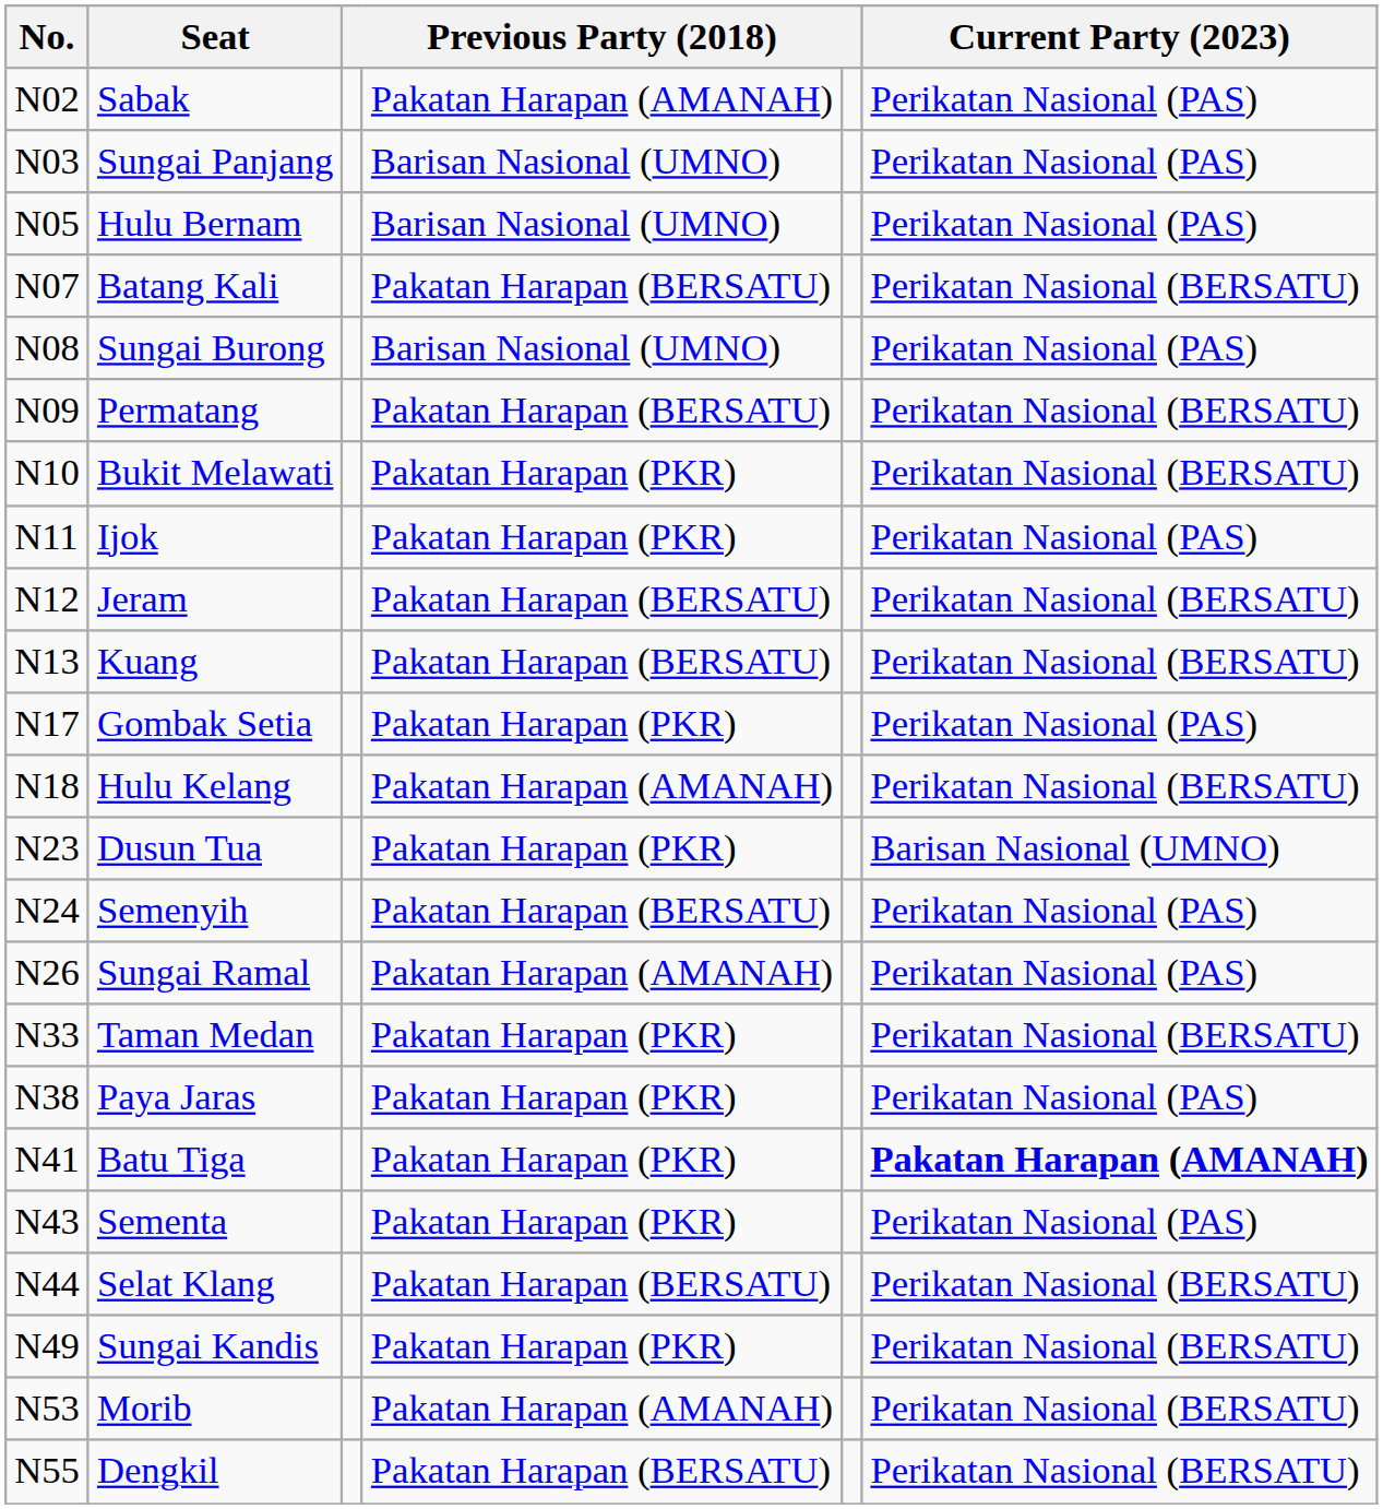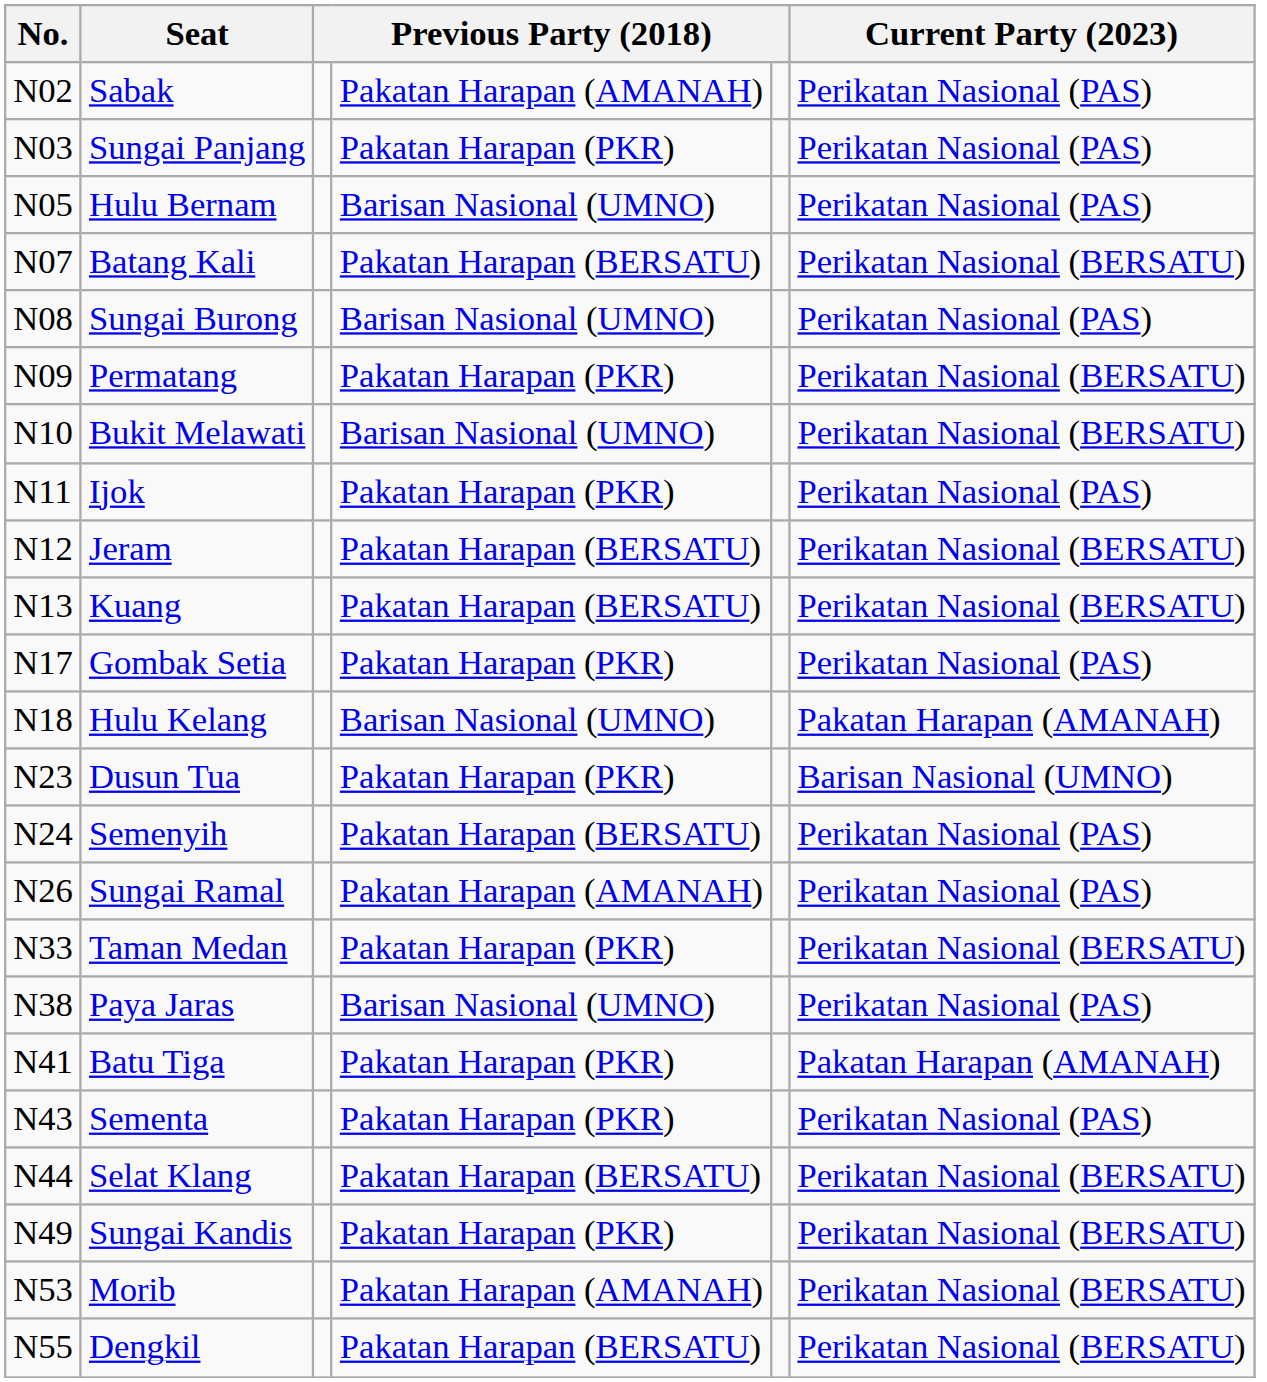 <table class="wikitable sortable" style="font-size:95%;">
 <tr>
 <th scope="col">No.</th>
 <th scope="col">Seat</th>
 <th colspan="3" scope="col">Previous Party (2018)</th>
 <th colspan="3" scope="col">Current Party (2023)</th>
 </tr>
 <tr>
 <td>N02</td>
 <td><a href='#'>Sabak</a></td>
 <td width="1"></td>
 <td><a href='#'>Pakatan Harapan</a> (<a href='#'>AMANAH</a>)</td>
 <td width="1"></td>
 <td><a href='#'>Perikatan Nasional</a> (<a href='#'>PAS</a>)</td>
 </tr>
 <tr>
 <td>N03</td>
 <td><a href='#'>Sungai Panjang</a></td>
 <td width="1"></td>
-<td><a href='#'>Barisan Nasional</a> (<a href='#'>UMNO</a>)</td>
+<td><a href='#'>Pakatan Harapan</a> (<a href='#'>PKR</a>)</td>
 <td width="1"></td>
 <td><a href='#'>Perikatan Nasional</a> (<a href='#'>PAS</a>)</td>
 </tr>
 <tr>
 <td>N05</td>
 <td><a href='#'>Hulu Bernam</a></td>
 <td width="1"></td>
 <td><a href='#'>Barisan Nasional</a> (<a href='#'>UMNO</a>)</td>
 <td width="1"></td>
 <td><a href='#'>Perikatan Nasional</a> (<a href='#'>PAS</a>)</td>
 </tr>
 <tr>
 <td>N07</td>
 <td><a href='#'>Batang Kali</a></td>
 <td width="1"></td>
 <td><a href='#'>Pakatan Harapan</a> (<a href='#'>BERSATU</a>)</td>
 <td width="1"></td>
 <td><a href='#'>Perikatan Nasional</a> (<a href='#'>BERSATU</a>)</td>
 </tr>
 <tr>
 <td>N08</td>
 <td><a href='#'>Sungai Burong</a></td>
 <td width="1"></td>
 <td><a href='#'>Barisan Nasional</a> (<a href='#'>UMNO</a>)</td>
 <td width="1"></td>
 <td><a href='#'>Perikatan Nasional</a> (<a href='#'>PAS</a>)</td>
 </tr>
 <tr>
 <td>N09</td>
 <td><a href='#'>Permatang</a></td>
 <td width="1"></td>
-<td><a href='#'>Pakatan Harapan</a> (<a href='#'>BERSATU</a>)</td>
+<td><a href='#'>Pakatan Harapan</a> (<a href='#'>PKR</a>)</td>
 <td width="1"></td>
 <td><a href='#'>Perikatan Nasional</a> (<a href='#'>BERSATU</a>)</td>
 </tr>
 <tr>
 <td>N10</td>
 <td><a href='#'>Bukit Melawati</a></td>
 <td width="1"></td>
-<td><a href='#'>Pakatan Harapan</a> (<a href='#'>PKR</a>)</td>
+<td><a href='#'>Barisan Nasional</a> (<a href='#'>UMNO</a>)</td>
 <td width="1"></td>
 <td><a href='#'>Perikatan Nasional</a> (<a href='#'>BERSATU</a>)</td>
 </tr>
 <tr>
 <td>N11</td>
 <td><a href='#'>Ijok</a></td>
 <td width="1"></td>
 <td><a href='#'>Pakatan Harapan</a> (<a href='#'>PKR</a>)</td>
 <td width="1"></td>
 <td><a href='#'>Perikatan Nasional</a> (<a href='#'>PAS</a>)</td>
 </tr>
 <tr>
 <td>N12</td>
 <td><a href='#'>Jeram</a></td>
 <td width="1"></td>
 <td><a href='#'>Pakatan Harapan</a> (<a href='#'>BERSATU</a>)</td>
 <td width="1"></td>
 <td><a href='#'>Perikatan Nasional</a> (<a href='#'>BERSATU</a>)</td>
 </tr>
 <tr>
 <td>N13</td>
 <td><a href='#'>Kuang</a></td>
 <td width="1"></td>
 <td><a href='#'>Pakatan Harapan</a> (<a href='#'>BERSATU</a>)</td>
 <td width="1"></td>
 <td><a href='#'>Perikatan Nasional</a> (<a href='#'>BERSATU</a>)</td>
 </tr>
 <tr>
 <td>N17</td>
 <td><a href='#'>Gombak Setia</a></td>
 <td width="1"></td>
 <td><a href='#'>Pakatan Harapan</a> (<a href='#'>PKR</a>)</td>
 <td width="1"></td>
 <td><a href='#'>Perikatan Nasional</a> (<a href='#'>PAS</a>)</td>
 </tr>
 <tr>
 <td>N18</td>
 <td><a href='#'>Hulu Kelang</a></td>
 <td width="1"></td>
+<td><a href='#'>Barisan Nasional</a> (<a href='#'>UMNO</a>)</td>
+<td width="1"></td>
 <td><a href='#'>Pakatan Harapan</a> (<a href='#'>AMANAH</a>)</td>
-<td width="1"></td>
-<td><a href='#'>Perikatan Nasional</a> (<a href='#'>BERSATU</a>)</td>
 </tr>
 <tr>
 <td>N23</td>
 <td><a href='#'>Dusun Tua</a></td>
 <td width="1"></td>
 <td><a href='#'>Pakatan Harapan</a> (<a href='#'>PKR</a>)</td>
 <td width="1"></td>
 <td><a href='#'>Barisan Nasional</a> (<a href='#'>UMNO</a>)</td>
 </tr>
 <tr>
 <td>N24</td>
 <td><a href='#'>Semenyih</a></td>
 <td width="1"></td>
 <td><a href='#'>Pakatan Harapan</a> (<a href='#'>BERSATU</a>)</td>
 <td width="1"></td>
 <td><a href='#'>Perikatan Nasional</a> (<a href='#'>PAS</a>)</td>
 </tr>
 <tr>
 <td>N26</td>
 <td><a href='#'>Sungai Ramal</a></td>
 <td width="1"></td>
 <td><a href='#'>Pakatan Harapan</a> (<a href='#'>AMANAH</a>)</td>
 <td width="1"></td>
 <td><a href='#'>Perikatan Nasional</a> (<a href='#'>PAS</a>)</td>
 </tr>
 <tr>
 <td>N33</td>
 <td><a href='#'>Taman Medan</a></td>
 <td width="1"></td>
 <td><a href='#'>Pakatan Harapan</a> (<a href='#'>PKR</a>)</td>
 <td width="1"></td>
 <td><a href='#'>Perikatan Nasional</a> (<a href='#'>BERSATU</a>)</td>
 </tr>
 <tr>
 <td>N38</td>
 <td><a href='#'>Paya Jaras</a></td>
 <td width="1"></td>
-<td><a href='#'>Pakatan Harapan</a> (<a href='#'>PKR</a>)</td>
+<td><a href='#'>Barisan Nasional</a> (<a href='#'>UMNO</a>)</td>
 <td width="1"></td>
 <td><a href='#'>Perikatan Nasional</a> (<a href='#'>PAS</a>)</td>
 </tr>
 <tr>
 <td>N41</td>
 <td><a href='#'>Batu Tiga</a></td>
 <td width="1"></td>
 <td><a href='#'>Pakatan Harapan</a> (<a href='#'>PKR</a>)</td>
 <td width="1"></td>
-<td><strong><a href='#'>Pakatan Harapan</a> (<a href='#'>AMANAH</a>)</strong></td>
+<td><a href='#'>Pakatan Harapan</a> (<a href='#'>AMANAH</a>)</td>
 </tr>
 <tr>
 <td>N43</td>
 <td><a href='#'>Sementa</a></td>
 <td width="1"></td>
 <td><a href='#'>Pakatan Harapan</a> (<a href='#'>PKR</a>)</td>
 <td width="1"></td>
 <td><a href='#'>Perikatan Nasional</a> (<a href='#'>PAS</a>)</td>
 </tr>
 <tr>
 <td>N44</td>
 <td><a href='#'>Selat Klang</a></td>
 <td width="1"></td>
 <td><a href='#'>Pakatan Harapan</a> (<a href='#'>BERSATU</a>)</td>
 <td width="1"></td>
 <td><a href='#'>Perikatan Nasional</a> (<a href='#'>BERSATU</a>)</td>
 </tr>
 <tr>
 <td>N49</td>
 <td><a href='#'>Sungai Kandis</a></td>
 <td width="1"></td>
 <td><a href='#'>Pakatan Harapan</a> (<a href='#'>PKR</a>)</td>
 <td width="1"></td>
 <td><a href='#'>Perikatan Nasional</a> (<a href='#'>BERSATU</a>)</td>
 </tr>
 <tr>
 <td>N53</td>
 <td><a href='#'>Morib</a></td>
 <td width="1"></td>
 <td><a href='#'>Pakatan Harapan</a> (<a href='#'>AMANAH</a>)</td>
 <td width="1"></td>
 <td><a href='#'>Perikatan Nasional</a> (<a href='#'>BERSATU</a>)</td>
 </tr>
 <tr>
 <td>N55</td>
 <td><a href='#'>Dengkil</a></td>
 <td width="1"></td>
 <td><a href='#'>Pakatan Harapan</a> (<a href='#'>BERSATU</a>)</td>
 <td width="1"></td>
 <td><a href='#'>Perikatan Nasional</a> (<a href='#'>BERSATU</a>)</td>
 </tr>
 <tr>
 </tr>
 </table>
